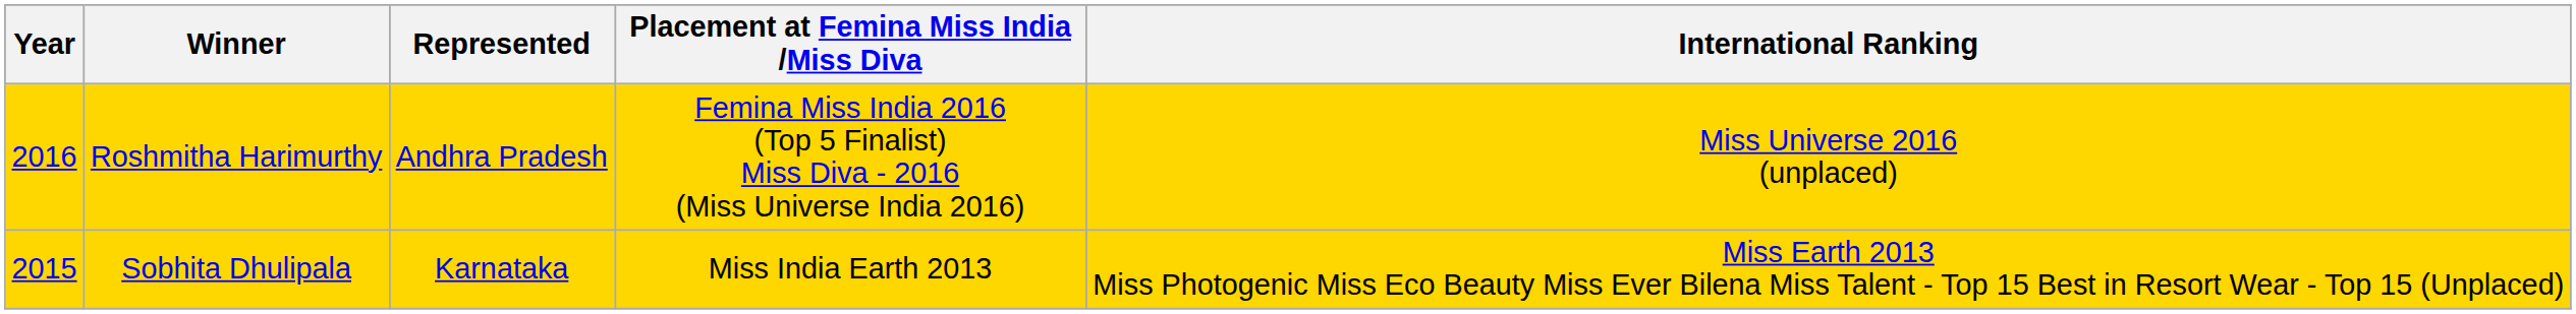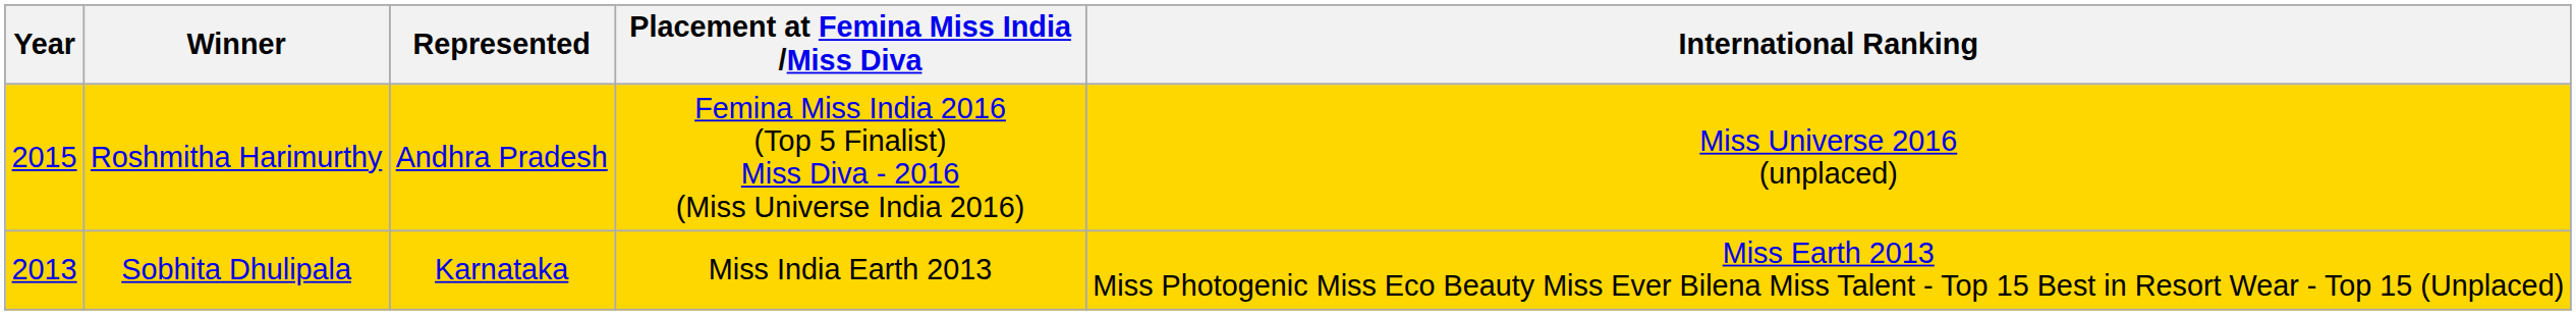 <table class="wikitable" style="text-align:center;">
 <tr>
 <th>Year</th>
 <th>Winner</th>
 <th>Represented</th>
 <th Width=250>Placement at <a href='#'>Femina Miss India</a><br>/<a href='#'>Miss Diva</a></th>
 <th>International Ranking</th>
 </tr>
 <tr>
-<td style="background:gold;"><a href='#'>2016</a></td>
+<td style="background:gold;"><a href='#'>2015</a></td>
 <td style="background:gold;"><a href='#'>Roshmitha Harimurthy</a></td>
 <td style="background:gold;"><a href='#'>Andhra Pradesh</a></td>
 <td style="background:gold;"><a href='#'>Femina Miss India 2016</a><br>(Top 5 Finalist)<br><a href='#'>Miss Diva - 2016</a><br>(Miss Universe India 2016)</td>
 <td style="background:gold;"><a href='#'>Miss Universe 2016</a><br>(unplaced) </td>
 </tr>
 <tr>
-<td style="background:gold;"><a href='#'>2015</a></td>
+<td style="background:gold;"><a href='#'>2013</a></td>
 <td style="background:gold;"><a href='#'>Sobhita Dhulipala</a></td>
 <td style="background:gold;"><a href='#'>Karnataka</a></td>
 <td style="background:gold;">Miss India Earth 2013</td>
 <td style="background:gold;"><a href='#'>Miss Earth 2013</a><br>Miss Photogenic Miss Eco Beauty Miss Ever Bilena Miss Talent - Top 15 Best in Resort Wear - Top 15 (Unplaced)</td>
 </tr>
 </table>
